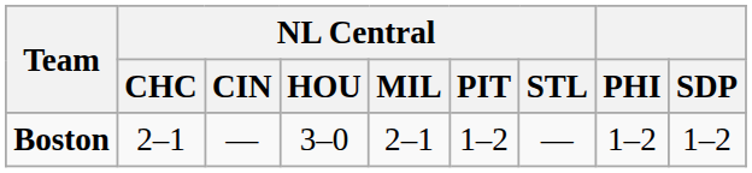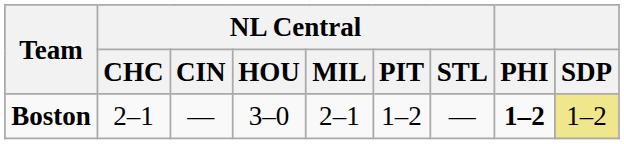 <table class="wikitable" style="text-align:center; font-size: 95%;">
 <tr>
 <th rowspan=2>Team</th>
 <th colspan=6>NL Central</th>
 <th colspan=2> </th>
 </tr>
 <tr>
 <th>CHC</th>
 <th>CIN</th>
 <th>HOU</th>
 <th>MIL</th>
 <th>PIT</th>
 <th>STL</th>
 <th>PHI</th>
 <th>SDP</th>
 </tr>
 <tr>
 <td><strong>Boston</strong></td>
 <td>2–1</td>
 <td>—</td>
 <td>3–0</td>
 <td>2–1</td>
 <td>1–2</td>
 <td>—</td>
-<td>1–2</td>
-<td>1–2</td>
+<td><strong>1–2</strong></td>
+<td style="background: khaki;">1–2</td>
 </tr>
 </table>
